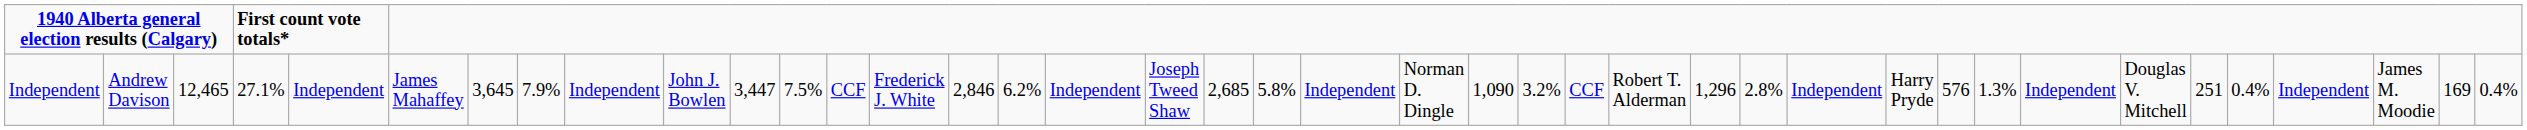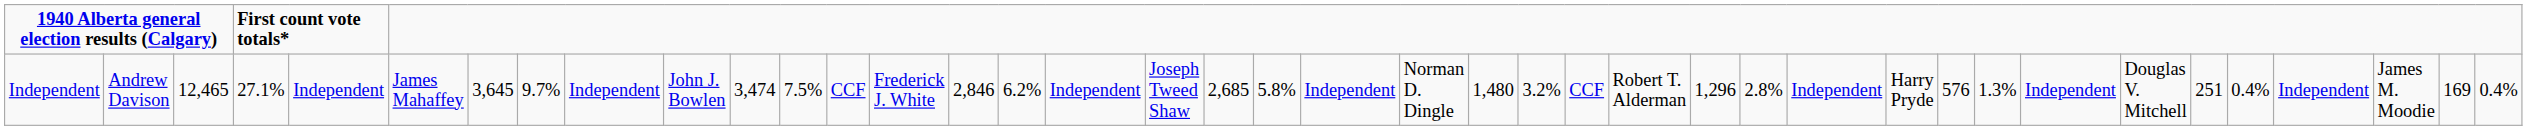 <table class="wikitable">
 <tr>
 <td colspan="3" align=center><strong><a href='#'>1940 Alberta general election</a> results (<a href='#'>Calgary</a>)</strong></td>
 <td colspan="2"><span><strong>First count vote totals*</strong></span></td>
 </tr>
 <tr>
 <td><a href='#'>Independent</a></td>
 <td><a href='#'>Andrew Davison</a></td>
 <td align="right">12,465</td>
 <td align="right">27.1%<br> </td>
 <td><a href='#'>Independent</a></td>
 <td><a href='#'>James Mahaffey</a></td>
 <td align="right">3,645</td>
-<td align="right">7.9%<br></td>
+<td align="right">9.7%<br></td>
 <td><a href='#'>Independent</a></td>
 <td><a href='#'>John J. Bowlen</a></td>
-<td align="right">3,447</td>
+<td align="right">3,474</td>
 <td align="right">7.5%<br></td>
 <td><a href='#'>CCF</a></td>
 <td><a href='#'>Frederick J. White</a></td>
 <td align="right">2,846</td>
 <td align="right">6.2%<br></td>
 <td><a href='#'>Independent</a></td>
 <td><a href='#'>Joseph Tweed Shaw</a></td>
 <td align="right">2,685</td>
 <td align="right">5.8%<br>  </td>
 <td><a href='#'>Independent</a></td>
 <td>Norman D. Dingle</td>
-<td align="right">1,090</td>
+<td align="right">1,480</td>
 <td align="right">3.2%<br> </td>
 <td><a href='#'>CCF</a></td>
 <td>Robert T. Alderman</td>
 <td align="right">1,296</td>
 <td align="right">2.8%<br></td>
 <td><a href='#'>Independent</a></td>
 <td>Harry Pryde</td>
 <td align="right">576</td>
 <td align="right">1.3%<br></td>
 <td><a href='#'>Independent</a></td>
 <td>Douglas V. Mitchell</td>
 <td align="right">251</td>
 <td align="right">0.4%<br></td>
 <td><a href='#'>Independent</a></td>
 <td>James M. Moodie</td>
 <td align="right">169</td>
 <td align="right">0.4%</td>
 </tr>
 </table>
